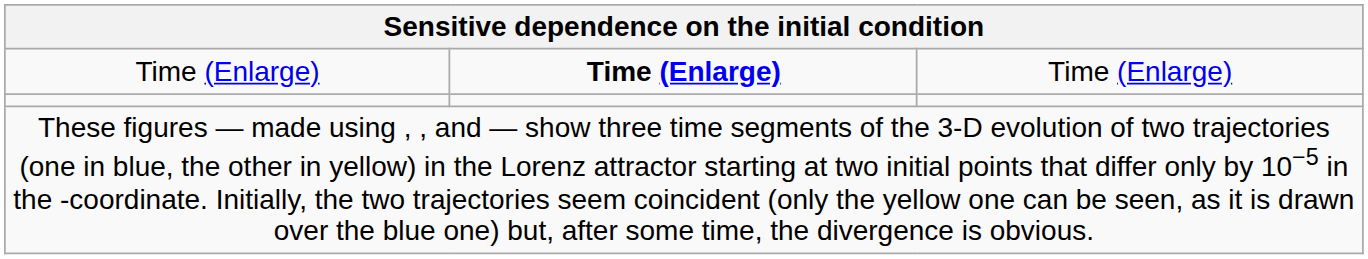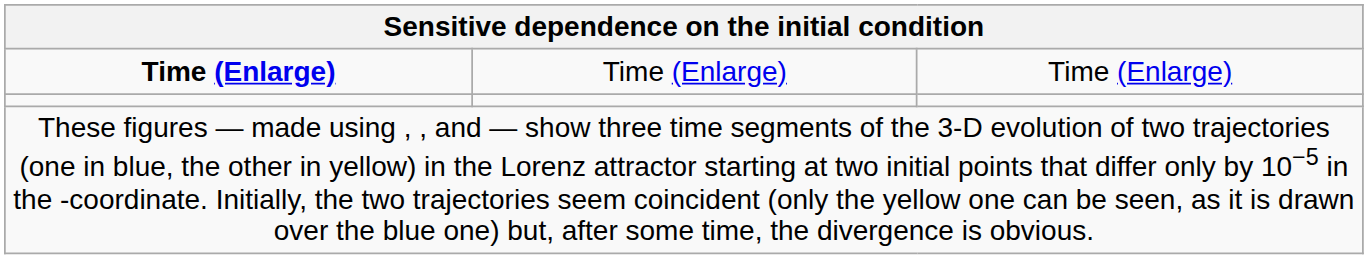 <table class="wikitable" width=777px>
 <tr>
 <th colspan=3>Sensitive dependence on the initial condition</th>
 </tr>
 <tr>
+<td align="center"><strong>Time  <a href='#'>(Enlarge)</a></strong></td>
 <td align="center">Time  <a href='#'>(Enlarge)</a></td>
-<td align="center"><strong>Time  <a href='#'>(Enlarge)</a></strong></td>
 <td align="center">Time  <a href='#'>(Enlarge)</a></td>
 </tr>
 <tr>
 <td align="center"></td>
 <td align="center"></td>
 <td align="center"></td>
 </tr>
 <tr>
 <td align="center" colspan=3>These figures — made using , , and  — show three time segments of the 3-D evolution of two trajectories (one in blue, the other in yellow) in the Lorenz attractor starting at two initial points that differ only by 10<sup>−5</sup> in the -coordinate. Initially, the two trajectories seem coincident (only the yellow one can be seen, as it is drawn over the blue one) but, after some time, the divergence is obvious.</td>
 </tr>
 </table>
